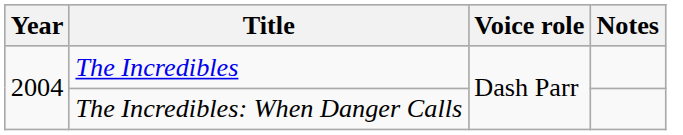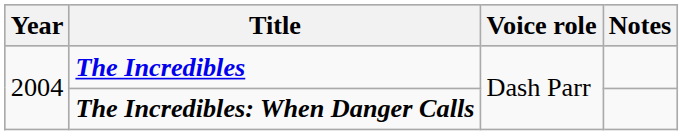 <table class = "wikitable sortable">
 <tr>
 <th>Year</th>
 <th>Title</th>
 <th>Voice role</th>
 <th class = "unsortable">Notes</th>
 </tr>
 <tr>
 <td rowspan="2">2004</td>
-<td><em><a href='#'>The Incredibles</a></em></td>
+<td><strong><em><a href='#'>The Incredibles</a></em></strong></td>
 <td rowspan=2>Dash Parr</td>
 <td></td>
 </tr>
 <tr>
-<td><em>The Incredibles: When Danger Calls</em></td>
+<td><strong><em>The Incredibles: When Danger Calls</em></strong></td>
 <td></td>
 </tr>
 </table>
